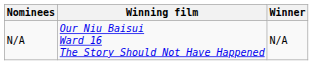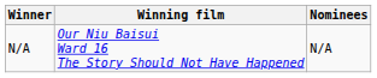 <table class="wikitable">
 <tr>
+<th>Winner</th>
+<th>Winning film</th>
 <th>Nominees</th>
-<th>Winning film</th>
-<th>Winner</th>
 </tr>
 <tr>
 <td>N/A</td>
 <td><em><a href='#'>Our Niu Baisui</a></em><br><em><a href='#'>Ward 16</a></em><br><em><a href='#'>The Story Should Not Have Happened</a></em></td>
 <td>N/A</td>
 </tr>
 </table>
